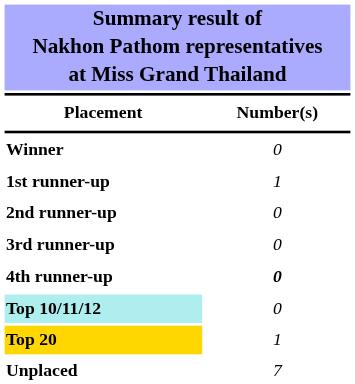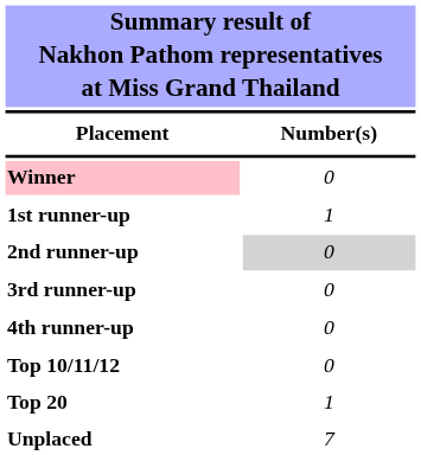 <table style="width: 270px; font-size:85%; line-height:1.5em;">
 <tr>
 <th colspan="2" align="center" style="background:#AAF;"><big>Summary result of<br>Nakhon Pathom representatives<br>at Miss Grand Thailand</big></th>
 </tr>
 <tr>
 <td colspan="2" style="background:black"></td>
 </tr>
 <tr>
 <th scope="col">Placement</th>
 <th scope="col">Number(s)</th>
 </tr>
 <tr>
 <td colspan="2" style="background:black"></td>
 </tr>
 <tr>
-<td align="left"><strong>Winner</strong></td>
+<td align="left" style="background: pink;"><strong>Winner</strong></td>
 <td align="center"><em>0</em></td>
 </tr>
 <tr>
 <td align="left"><strong>1st runner-up</strong></td>
 <td align="center"><em>1</em></td>
 </tr>
 <tr>
 <td align="left"><strong>2nd runner-up</strong></td>
-<td align="center"><em>0</em></td>
+<td align="center" style="background: lightgrey;"><em>0</em></td>
 </tr>
 <tr>
 <td align="left"><strong>3rd runner-up</strong></td>
 <td align="center"><em>0</em></td>
 </tr>
 <tr>
 <td align="left"><strong>4th runner-up</strong></td>
-<td align="center"><strong><em>0</em></strong></td>
-</tr>
-<tr>
-<td align="left" style="background: paleturquoise;"><strong>Top 10/11/12</strong></td>
 <td align="center"><em>0</em></td>
 </tr>
 <tr>
-<td align="left" style="background: gold;"><strong>Top 20</strong></td>
+<td align="left"><strong>Top 10/11/12</strong></td>
+<td align="center"><em>0</em></td>
+</tr>
+<tr>
+<td align="left"><strong>Top 20</strong></td>
 <td align="center"><em>1</em></td>
 </tr>
 <tr>
 <td align="left"><strong>Unplaced</strong></td>
 <td align="center"><em>7</em></td>
 </tr>
 </table>
